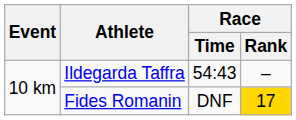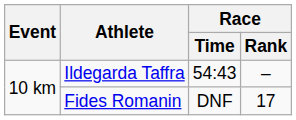 <table class="wikitable" border="1" style="font-size:90%">
 <tr>
 <th rowspan=2>Event</th>
 <th rowspan=2>Athlete</th>
 <th colspan=2>Race</th>
 </tr>
 <tr>
 <th>Time</th>
 <th>Rank</th>
 </tr>
 <tr>
 <td rowspan=2>10 km</td>
 <td><a href='#'>Ildegarda Taffra</a></td>
 <td align=center>54:43</td>
 <td align=center>–</td>
 </tr>
 <tr>
 <td><a href='#'>Fides Romanin</a></td>
 <td align=center>DNF</td>
-<td align=center style="background: gold;">17</td>
+<td align=center>17</td>
 </tr>
 </table>
